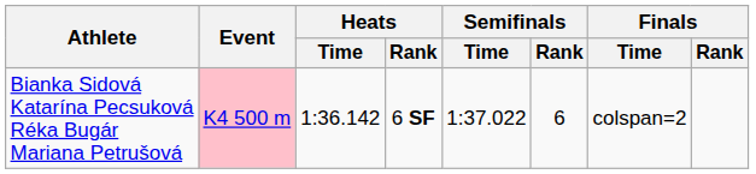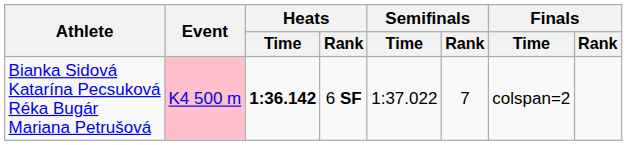 <table class="wikitable" style="font-size:90%">
 <tr>
 <th rowspan="2">Athlete</th>
 <th rowspan="2">Event</th>
 <th colspan=2>Heats</th>
 <th colspan=2>Semifinals</th>
 <th colspan=2>Finals</th>
 </tr>
 <tr style="font-size:95%">
 <th>Time</th>
 <th>Rank</th>
 <th>Time</th>
 <th>Rank</th>
 <th>Time</th>
 <th>Rank</th>
 </tr>
 <tr align=center>
 <td align=left><a href='#'>Bianka Sidová</a><br><a href='#'>Katarína Pecsuková</a><br><a href='#'>Réka Bugár</a><br><a href='#'>Mariana Petrušová</a></td>
 <td align=left style="background: pink;"><a href='#'>K4 500 m</a></td>
-<td>1:36.142</td>
+<td><strong>1:36.142</strong></td>
 <td>6 <strong>SF</strong></td>
 <td>1:37.022</td>
-<td>6</td>
+<td>7</td>
 <td>colspan=2 </td>
 </tr>
 </table>
